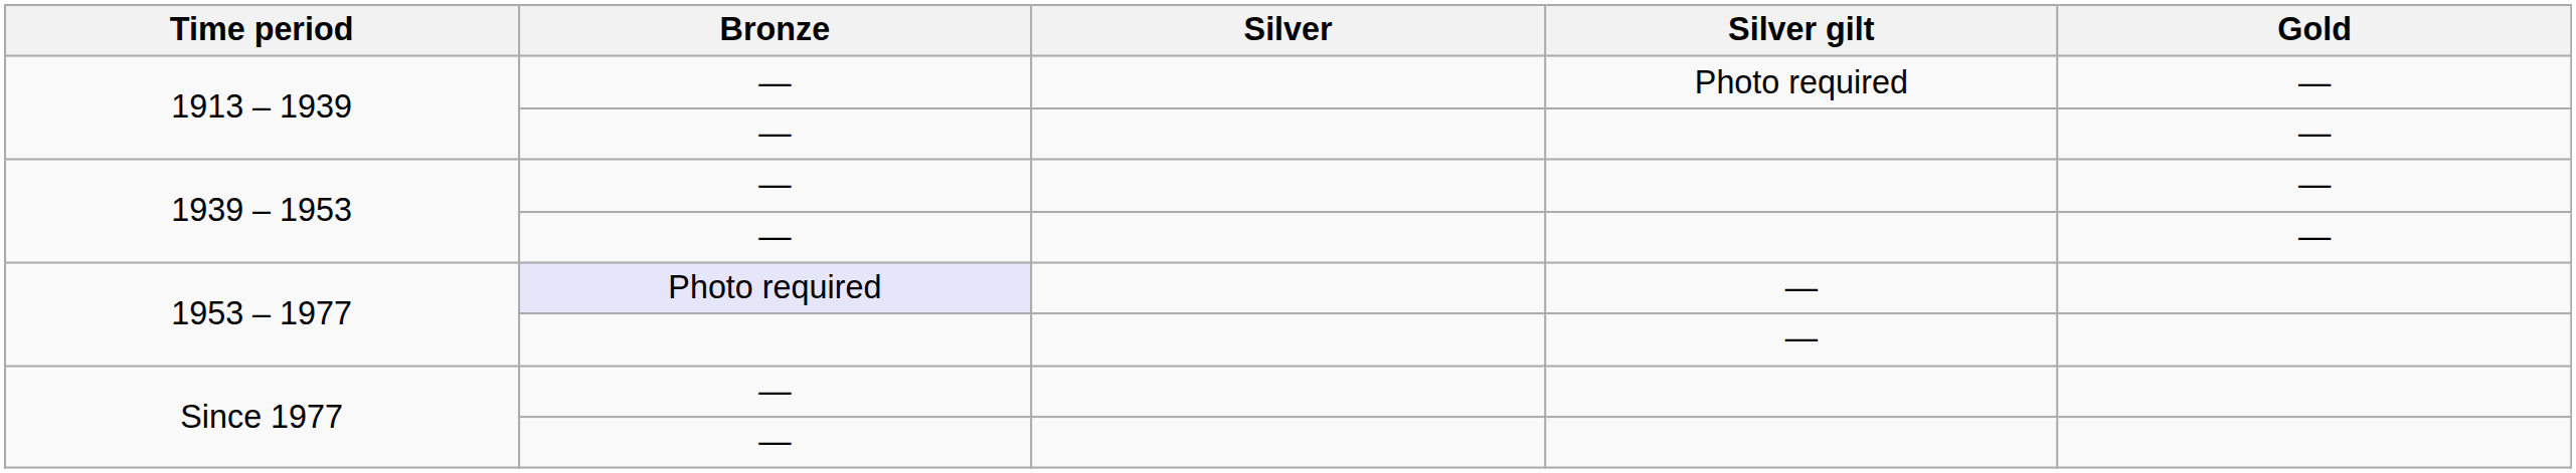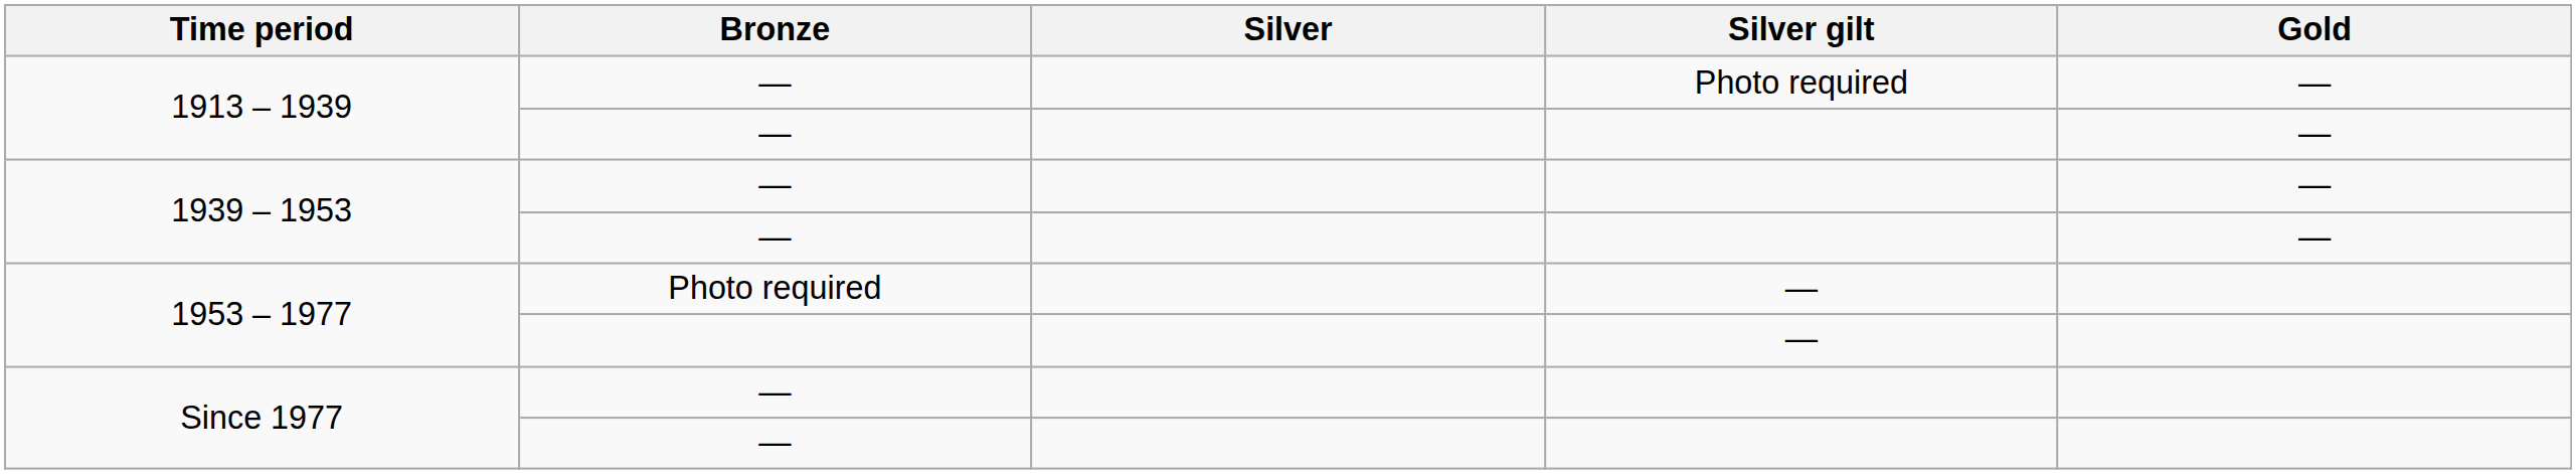 <table class="wikitable" style="text-align: center; width: 100%;">
 <tr>
 <th style="width: 20%;">Time period</th>
 <th style="width: 20%;">Bronze</th>
 <th style="width: 20%;">Silver</th>
 <th style="width: 20%;">Silver gilt</th>
 <th style="width: 20%;">Gold</th>
 </tr>
 <tr>
 <td rowspan="2">1913 – 1939</td>
 <td>—</td>
 <td></td>
 <td>Photo required</td>
 <td>—</td>
 </tr>
 <tr>
 <td>—</td>
 <td></td>
 <td></td>
 <td>—</td>
 </tr>
 <tr>
 <td rowspan="2">1939 – 1953</td>
 <td>—</td>
 <td></td>
 <td></td>
 <td>—</td>
 </tr>
 <tr>
 <td>—</td>
 <td></td>
 <td></td>
 <td>—</td>
 </tr>
 <tr>
 <td rowspan="2">1953 – 1977</td>
-<td style="background: lavender;">Photo required</td>
+<td>Photo required</td>
 <td></td>
 <td>—</td>
 <td></td>
 </tr>
 <tr>
 <td></td>
 <td></td>
 <td>—</td>
 <td></td>
 </tr>
 <tr>
 <td rowspan="2">Since 1977</td>
 <td>—</td>
 <td></td>
 <td></td>
 <td></td>
 </tr>
 <tr>
 <td>—</td>
 <td></td>
 <td></td>
 <td></td>
 </tr>
 </table>
